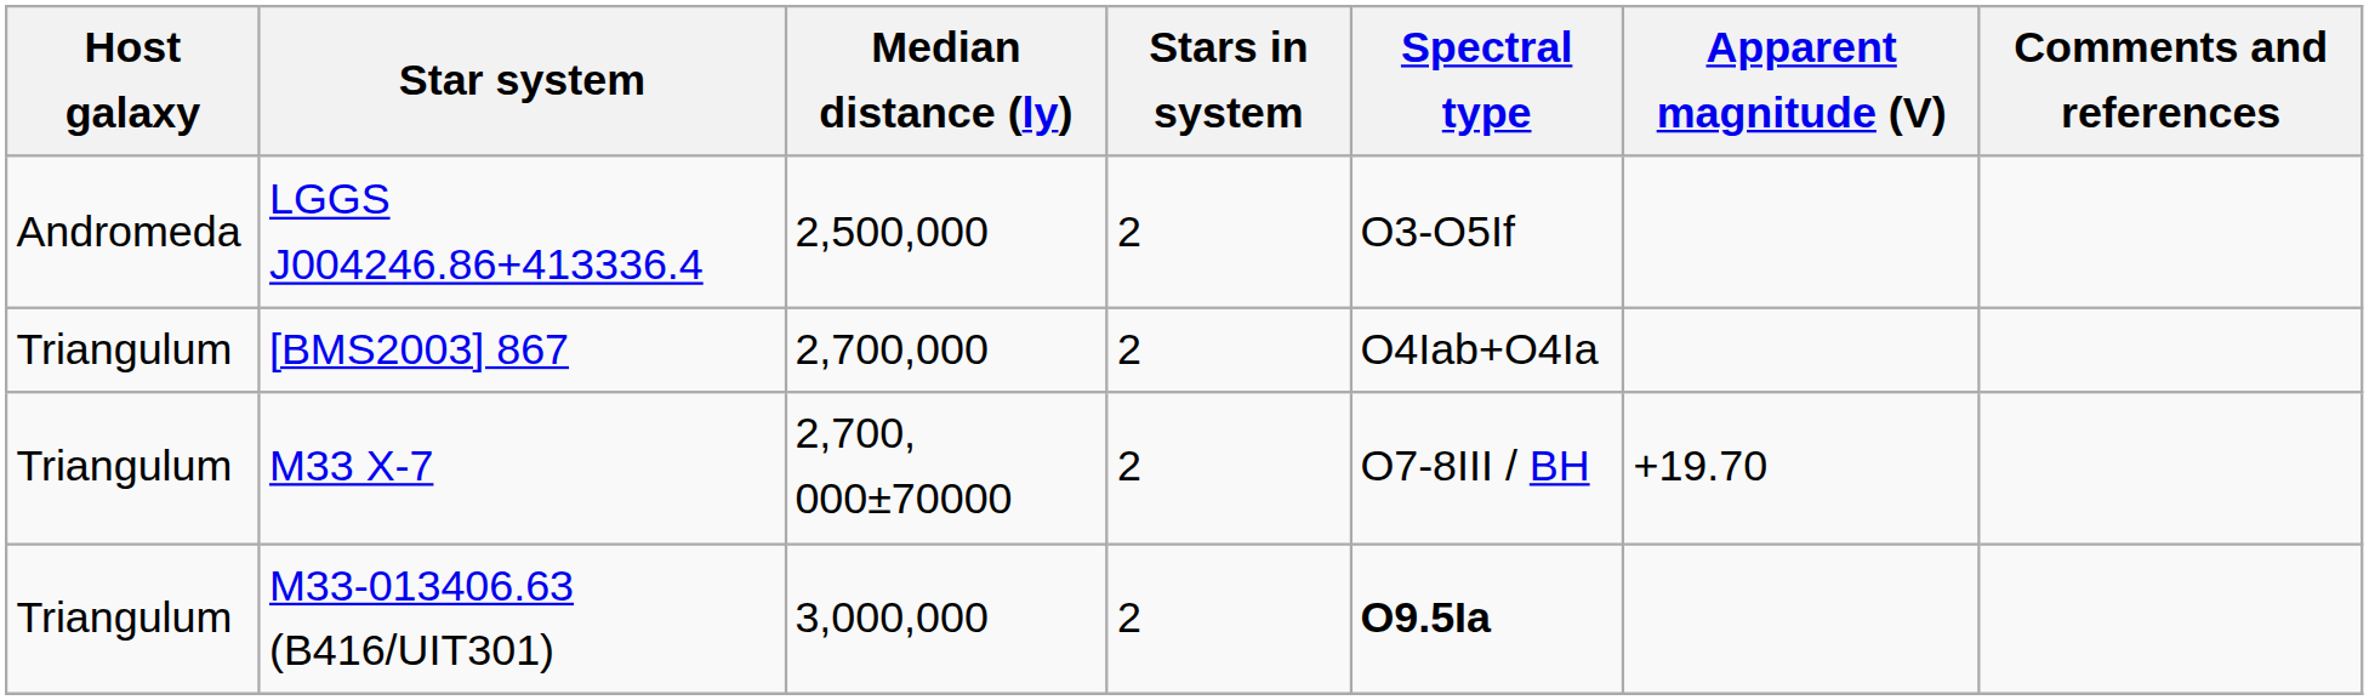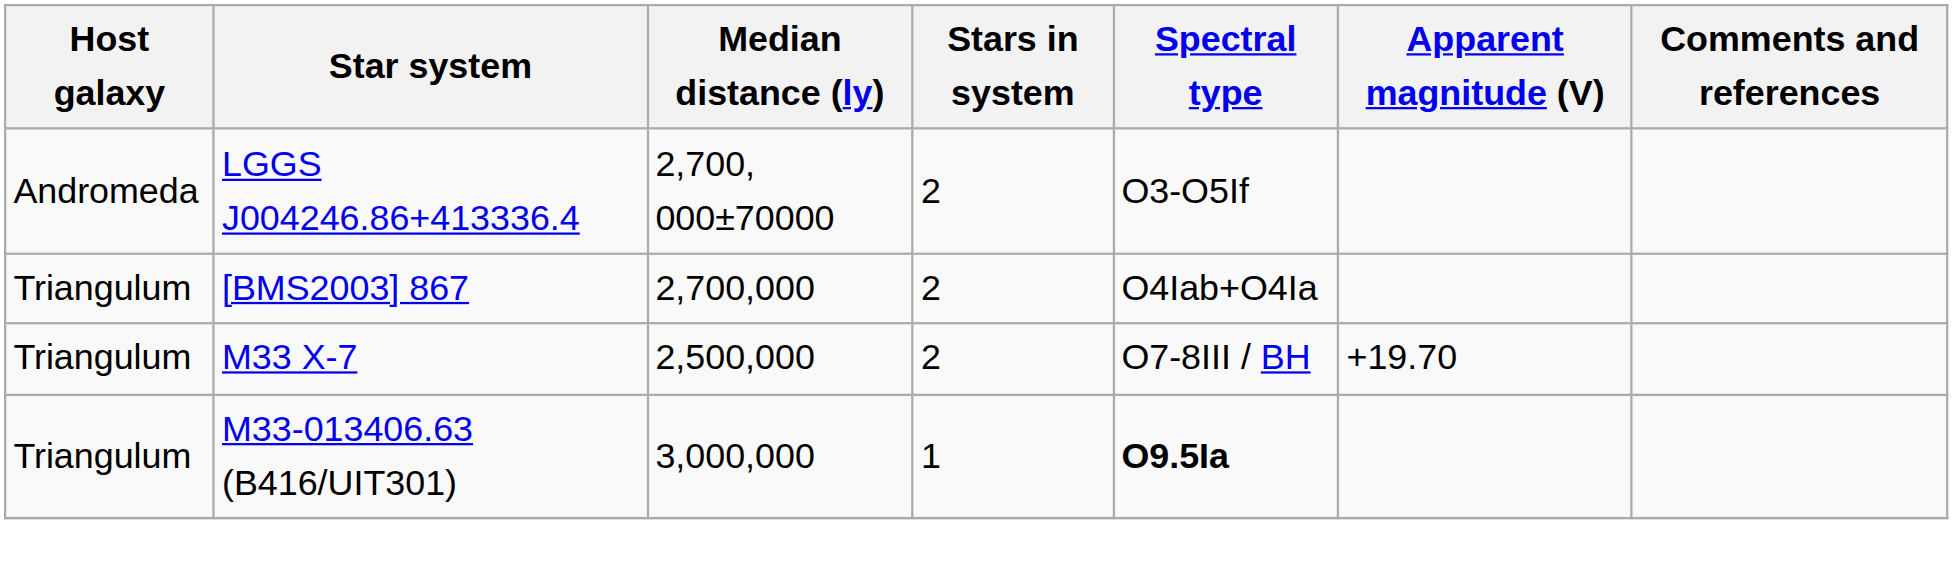 <table class="wikitable sortable" style="font-size:1.00em; line-height:1.5em; position:relative;">
 <tr>
 <th>Host galaxy</th>
 <th scope="col">Star system</th>
 <th scope="col">Median distance (<a href='#'>ly</a>)</th>
 <th scope="col">Stars in system</th>
 <th scope="col"><a href='#'>Spectral type</a></th>
 <th scope="col"><a href='#'>Apparent magnitude</a> (V)</th>
 <th scope="col">Comments and references</th>
 </tr>
 <tr>
 <td>Andromeda</td>
 <td><a href='#'>LGGS J004246.86+413336.4</a></td>
-<td>2,500,000</td>
+<td>2,700, 000±70000</td>
 <td>2</td>
 <td style="background: ">O3-O5If</td>
 <td></td>
 <td></td>
 </tr>
 <tr>
 <td>Triangulum</td>
 <td><a href='#'>[BMS2003] 867</a></td>
 <td>2,700,000</td>
 <td>2</td>
 <td style="background: ">O4Iab+O4Ia</td>
 <td></td>
 <td></td>
 </tr>
 <tr>
 <td>Triangulum</td>
 <td><a href='#'>M33 X-7</a></td>
-<td>2,700, 000±70000</td>
+<td>2,500,000</td>
 <td>2</td>
 <td style="background: ">O7-8III / <a href='#'>BH</a></td>
 <td>+19.70</td>
 <td></td>
 </tr>
 <tr>
 <td>Triangulum</td>
 <td><a href='#'>M33-013406.63</a> (B416/UIT301)</td>
 <td>3,000,000</td>
-<td>2</td>
+<td>1</td>
 <td style="background: "><strong>O9.5Ia</strong></td>
 <td></td>
 <td></td>
 </tr>
 <tr>
 </tr>
 </table>
